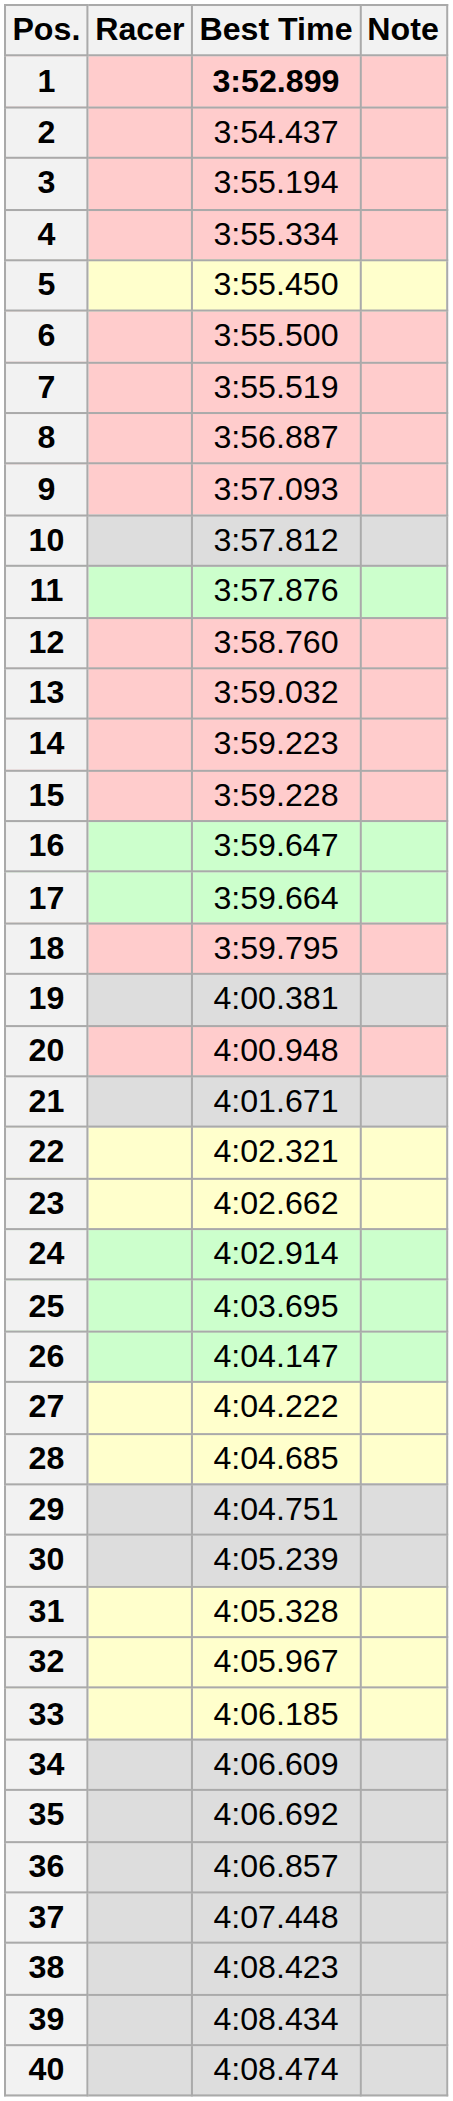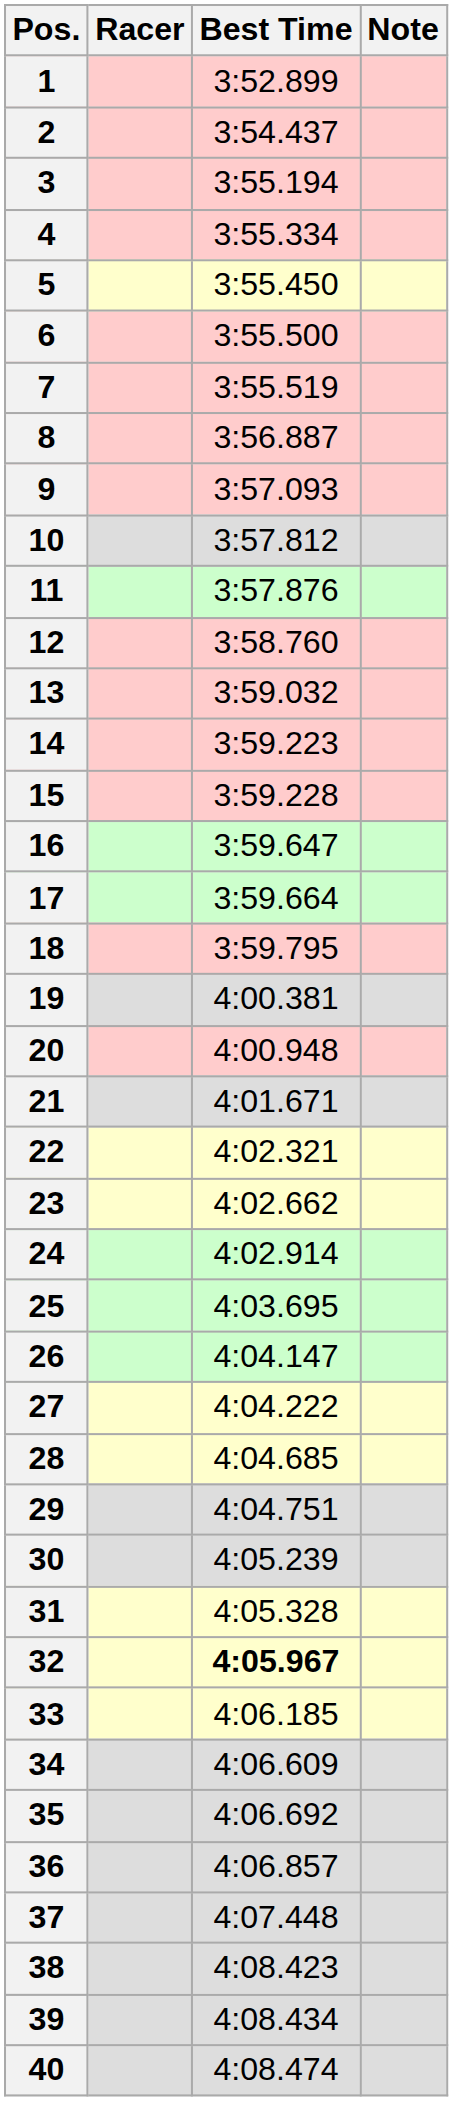 <table class="wikitable sortable plainrowheaders" style="text-align:center;">
 <tr>
 <th scope="col">Pos.</th>
 <th scope="col">Racer</th>
 <th scope="col">Best Time</th>
 <th scope="col">Note</th>
 </tr>
 <tr bgcolor=#ffcccc>
 <th style="text - align:center; ">1</th>
 <td align="left"></td>
-<td><strong>3:52.899</strong></td>
+<td>3:52.899</td>
 <td></td>
 </tr>
 <tr bgcolor=#ffcccc>
 <th style="text - align:center; ">2</th>
 <td align="left"></td>
 <td>3:54.437</td>
 <td></td>
 </tr>
 <tr bgcolor=#ffcccc>
 <th style="text - align:center; ">3</th>
 <td align="left"></td>
 <td>3:55.194</td>
 <td></td>
 </tr>
 <tr bgcolor=#ffcccc>
 <th style="text - align:center; ">4</th>
 <td align="left"></td>
 <td>3:55.334</td>
 <td></td>
 </tr>
 <tr bgcolor=#ffffcc>
 <th style="text - align:center; ">5</th>
 <td align="left"></td>
 <td>3:55.450</td>
 <td></td>
 </tr>
 <tr bgcolor=#ffcccc>
 <th style="text - align:center; ">6</th>
 <td align="left"></td>
 <td>3:55.500</td>
 <td></td>
 </tr>
 <tr bgcolor=#ffcccc>
 <th style="text - align:center; ">7</th>
 <td align="left"></td>
 <td>3:55.519</td>
 <td></td>
 </tr>
 <tr bgcolor=#ffcccc>
 <th style="text - align:center; ">8</th>
 <td align="left"></td>
 <td>3:56.887</td>
 <td></td>
 </tr>
 <tr bgcolor=#ffcccc>
 <th style="text - align:center; ">9</th>
 <td align="left"></td>
 <td>3:57.093</td>
 <td></td>
 </tr>
 <tr bgcolor=#dddddd>
 <th style="text - align:center; ">10</th>
 <td align="left"></td>
 <td>3:57.812</td>
 <td></td>
 </tr>
 <tr bgcolor=#ccffcc>
 <th style="text - align:center; ">11</th>
 <td align="left"></td>
 <td>3:57.876</td>
 <td></td>
 </tr>
 <tr bgcolor=#ffcccc>
 <th style="text - align:center; ">12</th>
 <td align="left"></td>
 <td>3:58.760</td>
 <td></td>
 </tr>
 <tr bgcolor=#ffcccc>
 <th style="text - align:center; ">13</th>
 <td align="left"></td>
 <td>3:59.032</td>
 <td></td>
 </tr>
 <tr bgcolor=#ffcccc>
 <th style="text - align:center; ">14</th>
 <td align="left"></td>
 <td>3:59.223</td>
 <td></td>
 </tr>
 <tr bgcolor=#ffcccc>
 <th style="text - align:center; ">15</th>
 <td align="left"></td>
 <td>3:59.228</td>
 <td></td>
 </tr>
 <tr bgcolor=#ccffcc>
 <th style="text - align:center; ">16</th>
 <td align="left"></td>
 <td>3:59.647</td>
 <td></td>
 </tr>
 <tr bgcolor=#ccffcc>
 <th style="text - align:center; ">17</th>
 <td align="left"></td>
 <td>3:59.664</td>
 <td></td>
 </tr>
 <tr bgcolor=#ffcccc>
 <th style="text - align:center; ">18</th>
 <td align="left"></td>
 <td>3:59.795</td>
 <td></td>
 </tr>
 <tr bgcolor=#dddddd>
 <th style="text - align:center; ">19</th>
 <td align="left"></td>
 <td>4:00.381</td>
 <td></td>
 </tr>
 <tr bgcolor=#ffcccc>
 <th style="text - align:center; ">20</th>
 <td align="left"></td>
 <td>4:00.948</td>
 <td></td>
 </tr>
 <tr bgcolor=#dddddd>
 <th style="text - align:center; ">21</th>
 <td align="left"></td>
 <td>4:01.671</td>
 <td></td>
 </tr>
 <tr bgcolor=#ffffcc>
 <th style="text - align:center; ">22</th>
 <td align="left"></td>
 <td>4:02.321</td>
 <td></td>
 </tr>
 <tr bgcolor=#ffffcc>
 <th style="text - align:center; ">23</th>
 <td align="left"></td>
 <td>4:02.662</td>
 <td></td>
 </tr>
 <tr bgcolor=#ccffcc>
 <th style="text - align:center; ">24</th>
 <td align="left"></td>
 <td>4:02.914</td>
 <td></td>
 </tr>
 <tr bgcolor=#ccffcc>
 <th style="text - align:center; ">25</th>
 <td align="left"></td>
 <td>4:03.695</td>
 <td></td>
 </tr>
 <tr bgcolor=#ccffcc>
 <th style="text - align:center; ">26</th>
 <td align="left"></td>
 <td>4:04.147</td>
 <td></td>
 </tr>
 <tr bgcolor=#ffffcc>
 <th style="text - align:center; ">27</th>
 <td align="left"></td>
 <td>4:04.222</td>
 <td></td>
 </tr>
 <tr bgcolor=#ffffcc>
 <th style="text - align:center; ">28</th>
 <td align="left"></td>
 <td>4:04.685</td>
 <td></td>
 </tr>
 <tr bgcolor=#dddddd>
 <th style="text - align:center; ">29</th>
 <td align="left"></td>
 <td>4:04.751</td>
 <td></td>
 </tr>
 <tr bgcolor=#dddddd>
 <th style="text - align:center; ">30</th>
 <td align="left"></td>
 <td>4:05.239</td>
 <td></td>
 </tr>
 <tr bgcolor=#ffffcc>
 <th style="text - align:center; ">31</th>
 <td align="left"></td>
 <td>4:05.328</td>
 <td></td>
 </tr>
 <tr bgcolor=#ffffcc>
 <th style="text - align:center; ">32</th>
 <td align="left"></td>
-<td>4:05.967</td>
+<td><strong>4:05.967</strong></td>
 <td></td>
 </tr>
 <tr bgcolor=#ffffcc>
 <th style="text - align:center; ">33</th>
 <td align="left"></td>
 <td>4:06.185</td>
 <td></td>
 </tr>
 <tr bgcolor=#dddddd>
 <th style="text - align:center; ">34</th>
 <td align="left"></td>
 <td>4:06.609</td>
 <td></td>
 </tr>
 <tr bgcolor=#dddddd>
 <th style="text - align:center; ">35</th>
 <td align="left"></td>
 <td>4:06.692</td>
 <td></td>
 </tr>
 <tr bgcolor=#dddddd>
 <th style="text - align:center; ">36</th>
 <td align="left"></td>
 <td>4:06.857</td>
 <td></td>
 </tr>
 <tr bgcolor=#dddddd>
 <th style="text - align:center; ">37</th>
 <td align="left"></td>
 <td>4:07.448</td>
 <td></td>
 </tr>
 <tr bgcolor=#dddddd>
 <th style="text - align:center; ">38</th>
 <td align="left"></td>
 <td>4:08.423</td>
 <td></td>
 </tr>
 <tr bgcolor=#dddddd>
 <th style="text - align:center; ">39</th>
 <td align="left"></td>
 <td>4:08.434</td>
 <td></td>
 </tr>
 <tr bgcolor=#dddddd>
 <th style="text - align:center; ">40</th>
 <td align="left"></td>
 <td>4:08.474</td>
 <td></td>
 </tr>
 </table>
